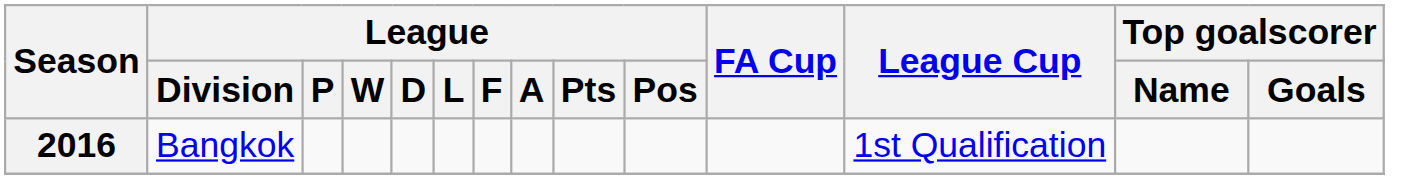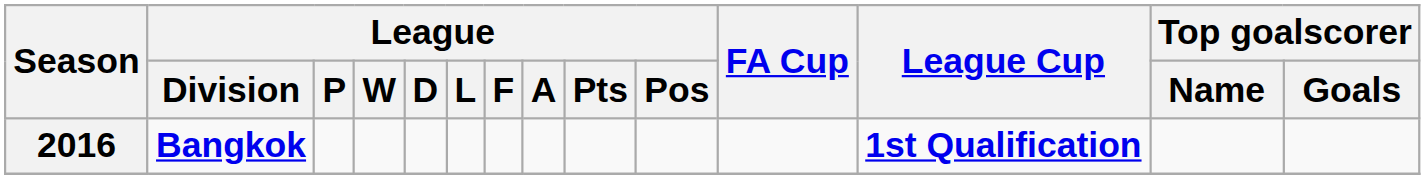 <table class="wikitable" style="text-align: center">
 <tr>
 <th rowspan=2>Season</th>
 <th colspan=9>League</th>
 <th rowspan=2><a href='#'>FA Cup</a></th>
 <th rowspan=2><a href='#'>League Cup</a></th>
 <th colspan=2>Top goalscorer</th>
 </tr>
 <tr>
 <th>Division</th>
 <th>P</th>
 <th>W</th>
 <th>D</th>
 <th>L</th>
 <th>F</th>
 <th>A</th>
 <th>Pts</th>
 <th>Pos</th>
 <th>Name</th>
 <th>Goals</th>
 </tr>
 <tr>
 <th>2016</th>
-<td><a href='#'>Bangkok</a></td>
+<td><strong><a href='#'>Bangkok</a></strong></td>
 <td></td>
 <td></td>
 <td></td>
 <td></td>
 <td></td>
 <td></td>
 <td></td>
 <td></td>
 <td></td>
-<td><a href='#'>1st Qualification</a></td>
+<td><strong><a href='#'>1st Qualification</a></strong></td>
 <td></td>
 <td></td>
 </tr>
 <tr>
 </tr>
 </table>
